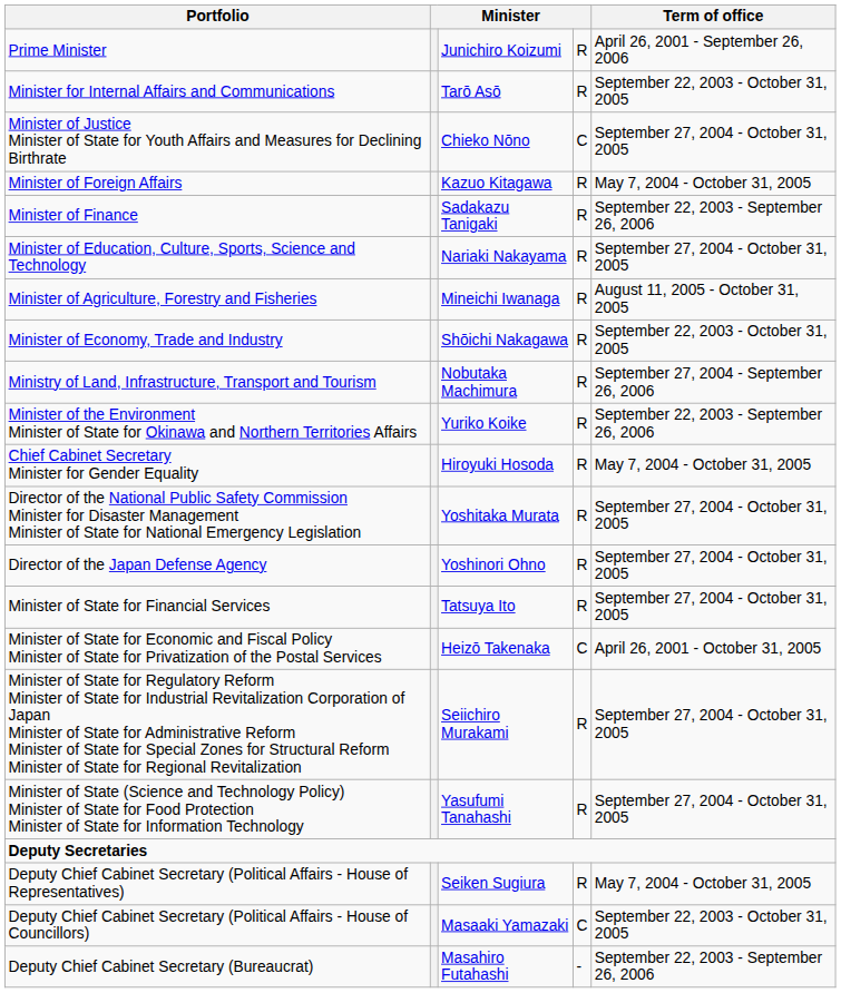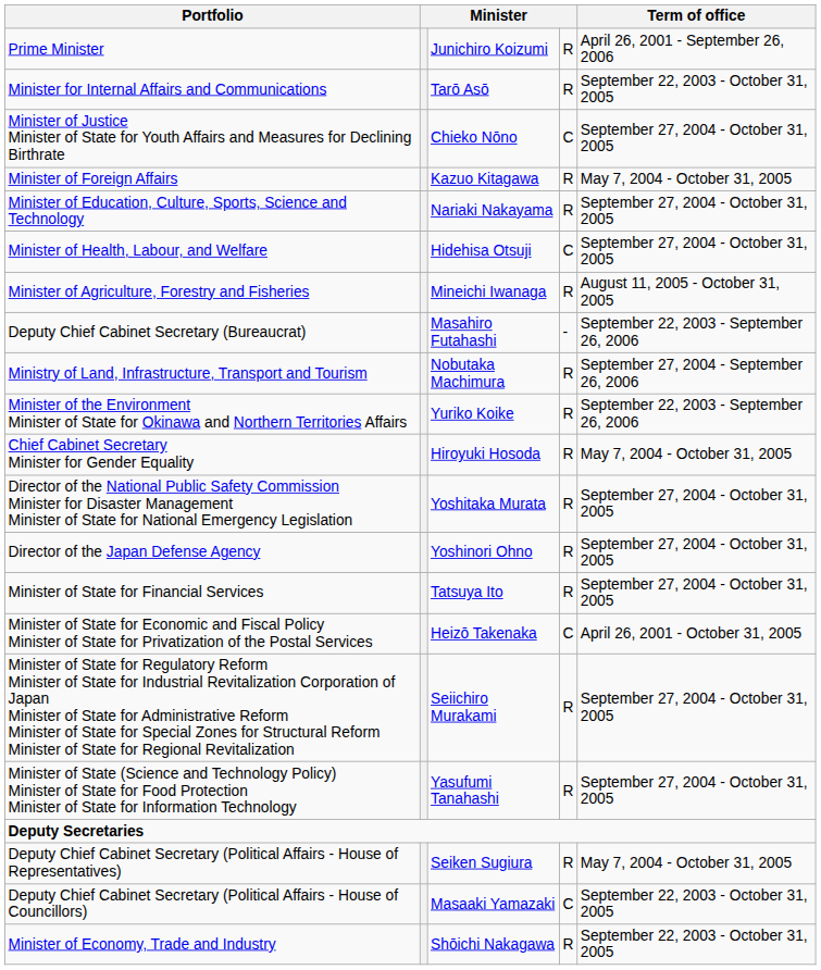 <table class="wikitable">
 <tr>
 <th>Portfolio</th>
 <th colspan=3>Minister</th>
 <th>Term of office</th>
 </tr>
 <tr>
 <td><a href='#'>Prime Minister</a></td>
 <th style="color:inherit;background-color: "></th>
 <td><a href='#'>Junichiro Koizumi</a></td>
 <td>R</td>
 <td>April 26, 2001 - September 26, 2006</td>
 </tr>
 <tr>
 <td><a href='#'>Minister for Internal Affairs and Communications</a></td>
 <th style="color:inherit;background-color: "></th>
 <td><a href='#'>Tarō Asō</a></td>
 <td>R</td>
 <td>September 22, 2003 - October 31, 2005</td>
 </tr>
 <tr>
 <td><a href='#'>Minister of Justice</a> <br> Minister of State for Youth Affairs and Measures for Declining Birthrate</td>
 <th style="color:inherit;background-color: "></th>
 <td><a href='#'>Chieko Nōno</a></td>
 <td>C</td>
 <td>September 27, 2004 - October 31, 2005</td>
 </tr>
 <tr>
 <td><a href='#'>Minister of Foreign Affairs</a></td>
 <th style="color:inherit;background-color: "></th>
 <td><a href='#'>Kazuo Kitagawa</a></td>
 <td>R</td>
 <td>May 7, 2004 - October 31, 2005</td>
 </tr>
 <tr>
-<td><a href='#'>Minister of Finance</a></td>
-<th style="color:inherit;background-color: "></th>
-<td><a href='#'>Sadakazu Tanigaki</a></td>
-<td>R</td>
-<td>September 22, 2003 - September 26, 2006</td>
-</tr>
-<tr>
 <td><a href='#'>Minister of Education, Culture, Sports, Science and Technology</a></td>
 <th style="color:inherit;background-color: "></th>
 <td><a href='#'>Nariaki Nakayama</a></td>
 <td>R</td>
+<td>September 27, 2004 - October 31, 2005</td>
+</tr>
+<tr>
+<td><a href='#'>Minister of Health, Labour, and Welfare</a></td>
+<th style="color:inherit;background-color: "></th>
+<td><a href='#'>Hidehisa Otsuji</a></td>
+<td>C</td>
 <td>September 27, 2004 - October 31, 2005</td>
 </tr>
 <tr>
 <td><a href='#'>Minister of Agriculture, Forestry and Fisheries</a></td>
 <th style="color:inherit;background-color: "></th>
 <td><a href='#'>Mineichi Iwanaga</a></td>
 <td>R</td>
 <td>August 11, 2005 - October 31, 2005</td>
 </tr>
 <tr>
-<td><a href='#'>Minister of Economy, Trade and Industry</a></td>
+<td>Deputy Chief Cabinet Secretary (Bureaucrat)</td>
 <th style="color:inherit;background-color: "></th>
-<td><a href='#'>Shōichi Nakagawa</a></td>
-<td>R</td>
-<td>September 22, 2003 - October 31, 2005</td>
+<td><a href='#'>Masahiro Futahashi</a></td>
+<td>-</td>
+<td>September 22, 2003 - September 26, 2006</td>
 </tr>
 <tr>
 <td><a href='#'>Ministry of Land, Infrastructure, Transport and Tourism</a></td>
 <th style="color:inherit;background-color: "></th>
 <td><a href='#'>Nobutaka Machimura</a></td>
 <td>R</td>
 <td>September 27, 2004 - September 26, 2006</td>
 </tr>
 <tr>
 <td><a href='#'>Minister of the Environment</a> <br>Minister of State for <a href='#'>Okinawa</a> and <a href='#'>Northern Territories</a> Affairs</td>
 <th style="color:inherit;background-color: "></th>
 <td><a href='#'>Yuriko Koike</a></td>
 <td>R</td>
 <td>September 22, 2003 - September 26, 2006</td>
 </tr>
 <tr>
 <td><a href='#'>Chief Cabinet Secretary</a> <br>Minister for Gender Equality</td>
 <th style="color:inherit;background-color: "></th>
 <td><a href='#'>Hiroyuki Hosoda</a></td>
 <td>R</td>
 <td>May 7, 2004 - October 31, 2005</td>
 </tr>
 <tr>
 <td>Director of the <a href='#'>National Public Safety Commission</a> <br>Minister for Disaster Management <br>Minister of State for National Emergency Legislation</td>
 <th style="color:inherit;background-color: "></th>
 <td><a href='#'>Yoshitaka Murata</a></td>
 <td>R</td>
 <td>September 27, 2004 - October 31, 2005</td>
 </tr>
 <tr>
 <td>Director of the <a href='#'>Japan Defense Agency</a></td>
 <th style="color:inherit;background-color: "></th>
 <td><a href='#'>Yoshinori Ohno</a></td>
 <td>R</td>
 <td>September 27, 2004 - October 31, 2005</td>
 </tr>
 <tr>
 <td>Minister of State for Financial Services</td>
 <th style="color:inherit;background-color: "></th>
 <td><a href='#'>Tatsuya Ito</a></td>
 <td>R</td>
 <td>September 27, 2004 - October 31, 2005</td>
 </tr>
 <tr>
 <td>Minister of State for Economic and Fiscal Policy <br>Minister of State for Privatization of the Postal Services</td>
 <th style="color:inherit;background-color: "></th>
 <td><a href='#'>Heizō Takenaka</a></td>
 <td>C</td>
 <td>April 26, 2001 - October 31, 2005</td>
 </tr>
 <tr>
 <td>Minister of State for Regulatory Reform <br>Minister of State for Industrial Revitalization Corporation of Japan <br>Minister of State for Administrative Reform <br>Minister of State for Special Zones for Structural Reform <br>Minister of State for Regional Revitalization</td>
 <th style="color:inherit;background-color: "></th>
 <td><a href='#'>Seiichiro Murakami</a></td>
 <td>R</td>
 <td>September 27, 2004 - October 31, 2005</td>
 </tr>
 <tr>
 <td>Minister of State (Science and Technology Policy) <br>Minister of State for Food Protection <br>Minister of State for Information Technology</td>
 <th style="color:inherit;background-color: "></th>
 <td><a href='#'>Yasufumi Tanahashi</a></td>
 <td>R</td>
 <td>September 27, 2004 - October 31, 2005</td>
 </tr>
 <tr>
 <td colspan=5><strong>Deputy Secretaries</strong></td>
 </tr>
 <tr>
 <td>Deputy Chief Cabinet Secretary (Political Affairs - House of Representatives)</td>
 <th style="color:inherit;background-color: "></th>
 <td><a href='#'>Seiken Sugiura</a></td>
 <td>R</td>
 <td>May 7, 2004 - October 31, 2005</td>
 </tr>
 <tr>
 <td>Deputy Chief Cabinet Secretary (Political Affairs - House of Councillors)</td>
 <th style="color:inherit;background-color: "></th>
 <td><a href='#'>Masaaki Yamazaki</a></td>
 <td>C</td>
 <td>September 22, 2003 - October 31, 2005</td>
 </tr>
 <tr>
-<td>Deputy Chief Cabinet Secretary (Bureaucrat)</td>
+<td><a href='#'>Minister of Economy, Trade and Industry</a></td>
 <th style="color:inherit;background-color: "></th>
-<td><a href='#'>Masahiro Futahashi</a></td>
-<td>-</td>
-<td>September 22, 2003 - September 26, 2006</td>
+<td><a href='#'>Shōichi Nakagawa</a></td>
+<td>R</td>
+<td>September 22, 2003 - October 31, 2005</td>
 </tr>
 </table>
